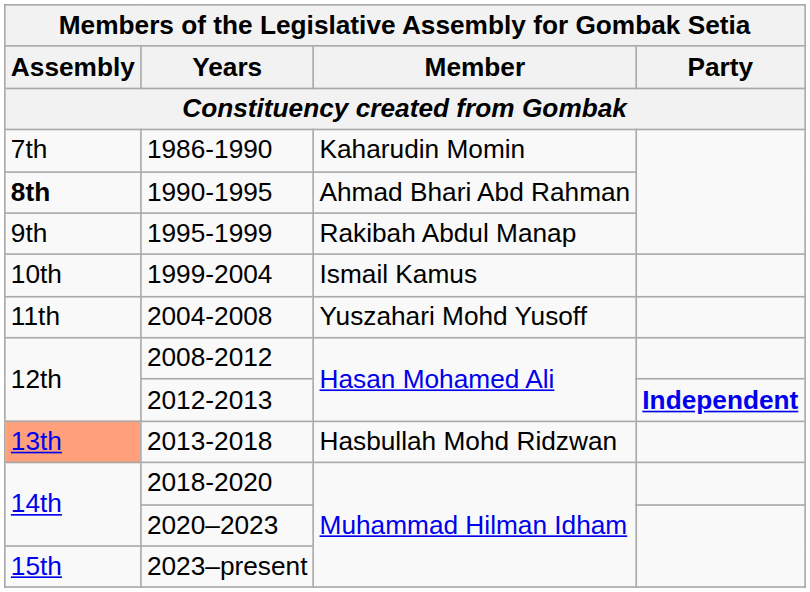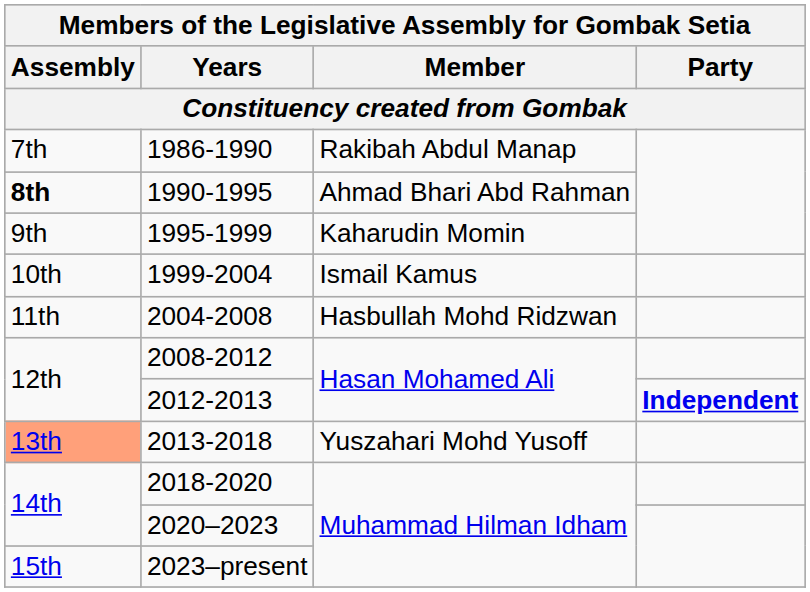 <table class=wikitable>
 <tr>
 <th colspan=4>Members of the Legislative Assembly for Gombak Setia</th>
 </tr>
 <tr>
 <th>Assembly</th>
 <th>Years</th>
 <th>Member</th>
 <th>Party</th>
 </tr>
 <tr>
 <th colspan=4 align=center><em>Constituency created from Gombak</em></th>
 </tr>
 <tr>
 <td>7th</td>
 <td>1986-1990</td>
-<td>Kaharudin Momin</td>
+<td>Rakibah Abdul Manap</td>
 <td rowspan=3></td>
 </tr>
 <tr>
 <td><strong>8th</strong></td>
 <td>1990-1995</td>
 <td>Ahmad Bhari Abd Rahman</td>
 </tr>
 <tr>
 <td>9th</td>
 <td>1995-1999</td>
-<td>Rakibah Abdul Manap</td>
+<td>Kaharudin Momin</td>
 </tr>
 <tr>
 <td>10th</td>
 <td>1999-2004</td>
 <td>Ismail Kamus</td>
 <td></td>
 </tr>
 <tr>
 <td>11th</td>
 <td>2004-2008</td>
-<td>Yuszahari Mohd Yusoff</td>
+<td>Hasbullah Mohd Ridzwan</td>
 <td></td>
 </tr>
 <tr>
 <td rowspan="2">12th</td>
 <td>2008-2012</td>
 <td rowspan="2"><a href='#'>Hasan Mohamed Ali</a></td>
 <td></td>
 </tr>
 <tr>
 <td>2012-2013</td>
 <td><strong><a href='#'>Independent</a></strong></td>
 </tr>
 <tr>
 <td style="background: lightsalmon;"><a href='#'>13th</a></td>
 <td>2013-2018</td>
-<td>Hasbullah Mohd Ridzwan</td>
+<td>Yuszahari Mohd Yusoff</td>
 <td></td>
 </tr>
 <tr>
 <td rowspan="2"><a href='#'>14th</a></td>
 <td>2018-2020</td>
 <td rowspan="3"><a href='#'>Muhammad Hilman Idham</a></td>
 <td></td>
 </tr>
 <tr>
 <td>2020–2023</td>
 <td rowspan="2"></td>
 </tr>
 <tr>
 <td><a href='#'>15th</a></td>
 <td>2023–present</td>
 </tr>
 </table>
